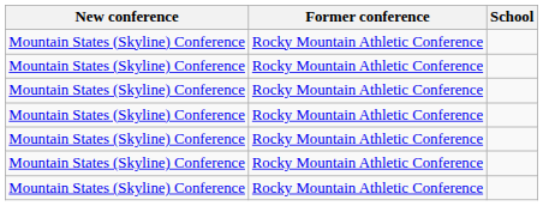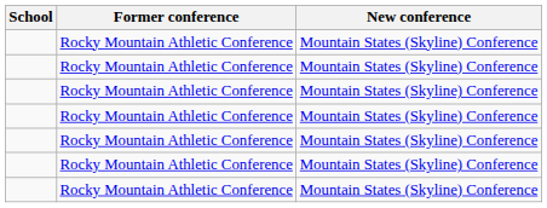 <table class="wikitable sortable">
 <tr>
+<th>School</th>
+<th>Former conference</th>
 <th>New conference</th>
-<th>Former conference</th>
-<th>School</th>
 </tr>
 <tr>
+<td></td>
+<td><a href='#'>Rocky Mountain Athletic Conference</a></td>
 <td><a href='#'>Mountain States (Skyline) Conference</a></td>
-<td><a href='#'>Rocky Mountain Athletic Conference</a></td>
-<td></td>
 </tr>
 <tr>
+<td></td>
+<td><a href='#'>Rocky Mountain Athletic Conference</a></td>
 <td><a href='#'>Mountain States (Skyline) Conference</a></td>
-<td><a href='#'>Rocky Mountain Athletic Conference</a></td>
-<td></td>
 </tr>
 <tr>
+<td></td>
+<td><a href='#'>Rocky Mountain Athletic Conference</a></td>
 <td><a href='#'>Mountain States (Skyline) Conference</a></td>
-<td><a href='#'>Rocky Mountain Athletic Conference</a></td>
-<td></td>
 </tr>
 <tr>
+<td></td>
+<td><a href='#'>Rocky Mountain Athletic Conference</a></td>
 <td><a href='#'>Mountain States (Skyline) Conference</a></td>
-<td><a href='#'>Rocky Mountain Athletic Conference</a></td>
-<td></td>
 </tr>
 <tr>
+<td></td>
+<td><a href='#'>Rocky Mountain Athletic Conference</a></td>
 <td><a href='#'>Mountain States (Skyline) Conference</a></td>
-<td><a href='#'>Rocky Mountain Athletic Conference</a></td>
-<td></td>
 </tr>
 <tr>
+<td></td>
+<td><a href='#'>Rocky Mountain Athletic Conference</a></td>
 <td><a href='#'>Mountain States (Skyline) Conference</a></td>
-<td><a href='#'>Rocky Mountain Athletic Conference</a></td>
-<td></td>
 </tr>
 <tr>
+<td></td>
+<td><a href='#'>Rocky Mountain Athletic Conference</a></td>
 <td><a href='#'>Mountain States (Skyline) Conference</a></td>
-<td><a href='#'>Rocky Mountain Athletic Conference</a></td>
-<td></td>
 </tr>
 </table>
